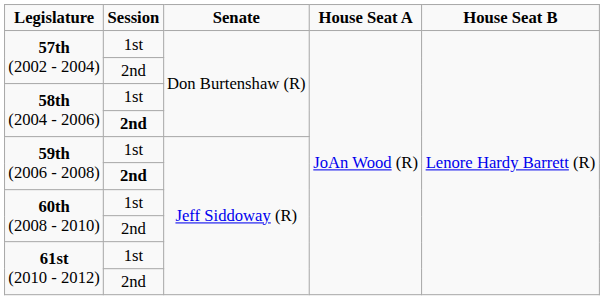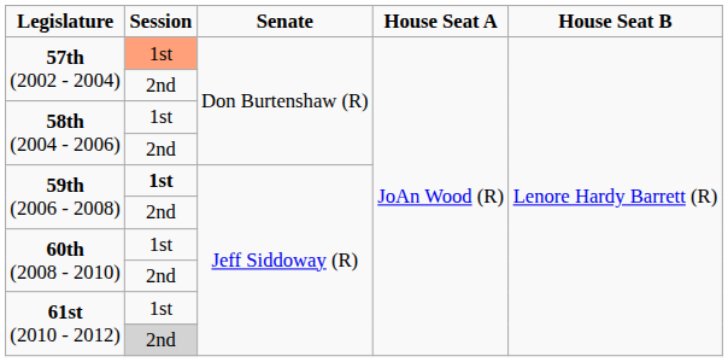 <table class=wikitable style="text-align:center">
 <tr>
 <td><strong>Legislature</strong></td>
 <td><strong>Session</strong></td>
 <td><strong>Senate</strong></td>
 <td><strong>House Seat A</strong></td>
 <td><strong>House Seat B</strong></td>
 </tr>
 <tr>
 <td rowspan="2" colspan="1" style="text-align: center;"><strong>57th</strong> <br> (2002 - 2004)</td>
-<td>1st</td>
+<td style="background: lightsalmon;">1st</td>
 <td rowspan="4" colspan="1" style="text-align: center;" >Don Burtenshaw (R)</td>
 <td rowspan="10" colspan="1" style="text-align: center;" ><a href='#'>JoAn Wood</a> (R)</td>
 <td rowspan="10" colspan="1" style="text-align: center;" ><a href='#'>Lenore Hardy Barrett</a> (R)</td>
 </tr>
 <tr>
 <td>2nd</td>
 </tr>
 <tr>
 <td rowspan="2" colspan="1" style="text-align: center;"><strong>58th</strong> <br> (2004 - 2006)</td>
 <td>1st</td>
 </tr>
 <tr>
-<td><strong>2nd</strong></td>
+<td>2nd</td>
 </tr>
 <tr>
 <td rowspan="2" colspan="1" style="text-align: center;"><strong>59th</strong> <br> (2006 - 2008)</td>
-<td>1st</td>
+<td><strong>1st</strong></td>
 <td rowspan="6" colspan="1" style="text-align: center;" ><a href='#'>Jeff Siddoway</a> (R)</td>
 </tr>
 <tr>
-<td><strong>2nd</strong></td>
+<td>2nd</td>
 </tr>
 <tr>
 <td rowspan="2" colspan="1" style="text-align: center;"><strong>60th</strong> <br> (2008 - 2010)</td>
 <td>1st</td>
 </tr>
 <tr>
 <td>2nd</td>
 </tr>
 <tr>
 <td rowspan="2" colspan="1" style="text-align: center;"><strong>61st</strong> <br> (2010 - 2012)</td>
 <td>1st</td>
 </tr>
 <tr>
-<td>2nd</td>
+<td style="background: lightgrey;">2nd</td>
 </tr>
 </table>
